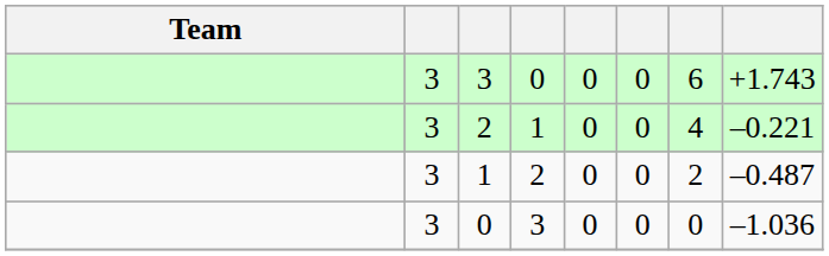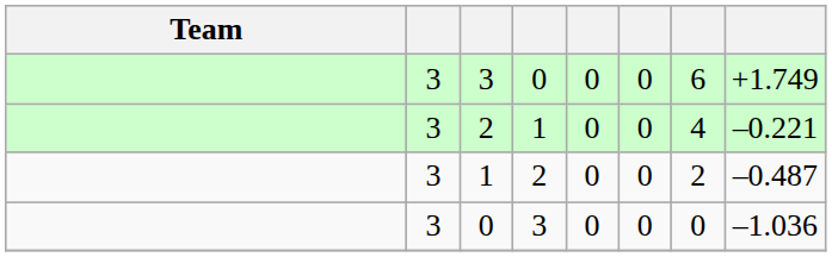 <table class="wikitable" style="text-align:center">
 <tr>
 <th width=200>Team</th>
 <th width=20></th>
 <th width=20></th>
 <th width=20></th>
 <th width=20></th>
 <th width=20></th>
 <th width=20></th>
 <th width=45></th>
 </tr>
 <tr style="background:#cfc;">
 <td align="left"></td>
 <td>3</td>
 <td>3</td>
 <td>0</td>
 <td>0</td>
 <td>0</td>
 <td>6</td>
-<td>+1.743</td>
+<td>+1.749</td>
 </tr>
 <tr style="background:#cfc;">
 <td align="left"></td>
 <td>3</td>
 <td>2</td>
 <td>1</td>
 <td>0</td>
 <td>0</td>
 <td>4</td>
 <td>–0.221</td>
 </tr>
 <tr>
 <td align="left"></td>
 <td>3</td>
 <td>1</td>
 <td>2</td>
 <td>0</td>
 <td>0</td>
 <td>2</td>
 <td>–0.487</td>
 </tr>
 <tr>
 <td align="left"></td>
 <td>3</td>
 <td>0</td>
 <td>3</td>
 <td>0</td>
 <td>0</td>
 <td>0</td>
 <td>–1.036</td>
 </tr>
 <tr>
 </tr>
 </table>
